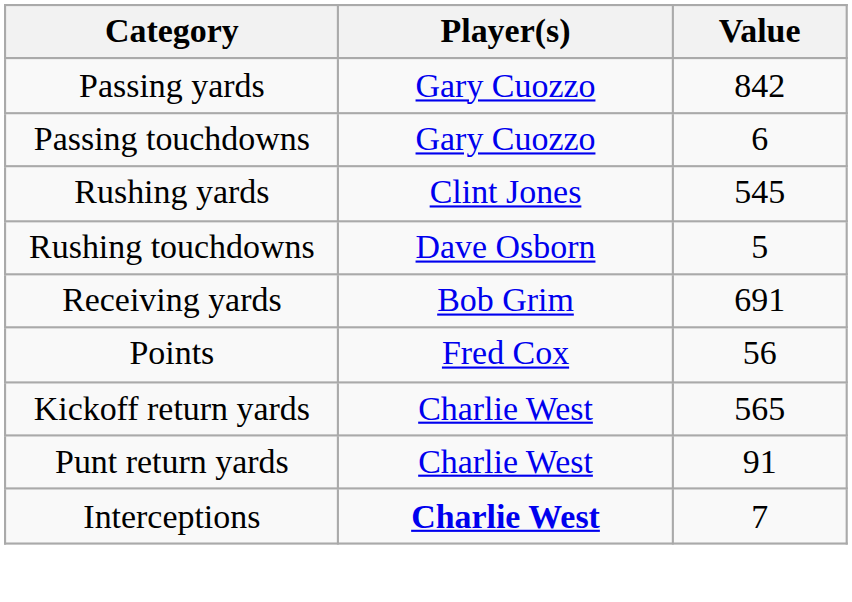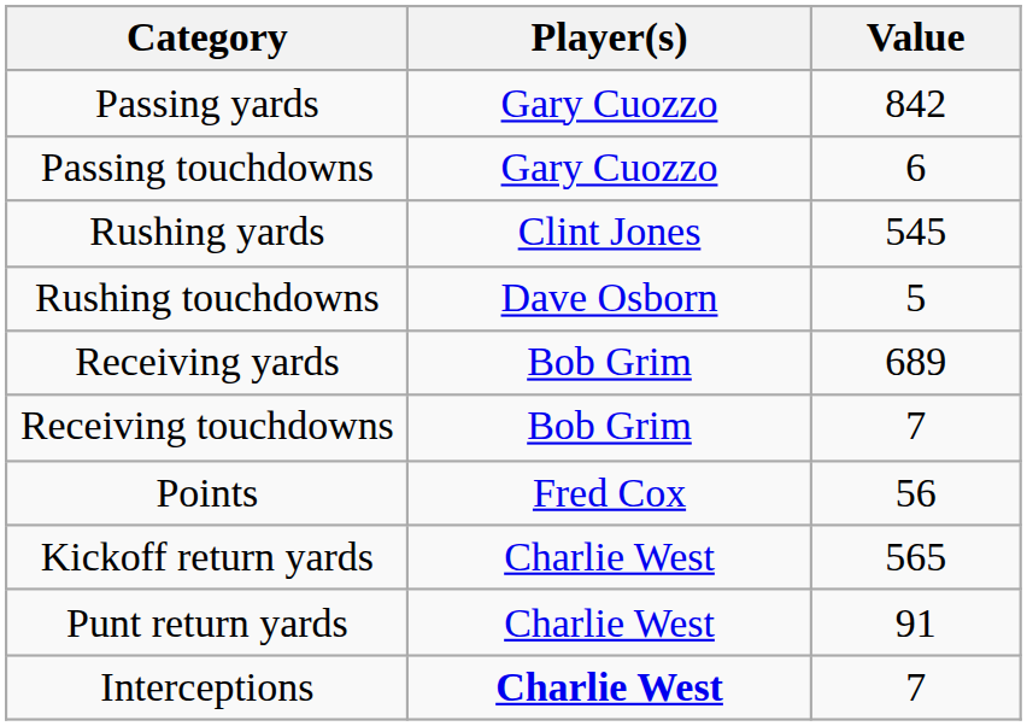 <table class="wikitable" style="text-align:center">
 <tr>
 <th width=150px>Category</th>
 <th width=150px>Player(s)</th>
 <th width=75px>Value</th>
 </tr>
 <tr>
 <td>Passing yards</td>
 <td><a href='#'>Gary Cuozzo</a></td>
 <td>842</td>
 </tr>
 <tr>
 <td>Passing touchdowns</td>
 <td><a href='#'>Gary Cuozzo</a></td>
 <td>6</td>
 </tr>
 <tr>
 <td>Rushing yards</td>
 <td><a href='#'>Clint Jones</a></td>
 <td>545</td>
 </tr>
 <tr>
 <td>Rushing touchdowns</td>
 <td><a href='#'>Dave Osborn</a></td>
 <td>5</td>
 </tr>
 <tr>
 <td>Receiving yards</td>
 <td><a href='#'>Bob Grim</a></td>
-<td>691</td>
+<td>689</td>
+</tr>
+<tr>
+<td>Receiving touchdowns</td>
+<td><a href='#'>Bob Grim</a></td>
+<td>7</td>
 </tr>
 <tr>
 <td>Points</td>
 <td><a href='#'>Fred Cox</a></td>
 <td>56</td>
 </tr>
 <tr>
 <td>Kickoff return yards</td>
 <td><a href='#'>Charlie West</a></td>
 <td>565</td>
 </tr>
 <tr>
 <td>Punt return yards</td>
 <td><a href='#'>Charlie West</a></td>
 <td>91</td>
 </tr>
 <tr>
 <td>Interceptions</td>
 <td><strong><a href='#'>Charlie West</a></strong></td>
 <td>7</td>
 </tr>
 </table>
